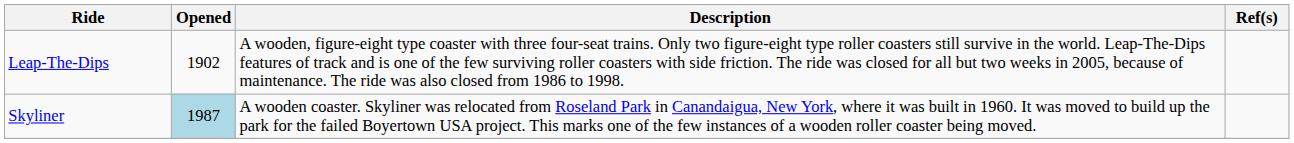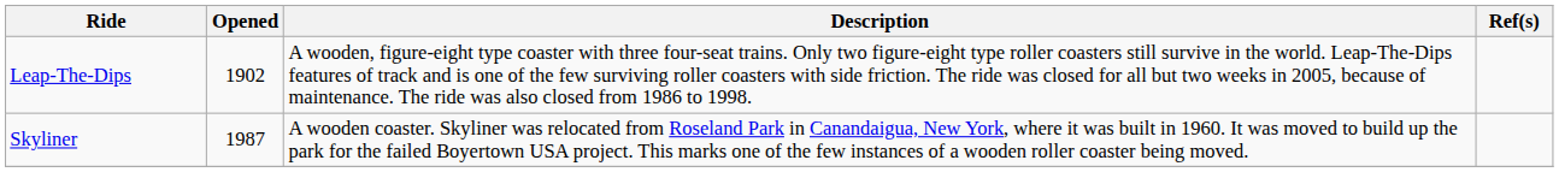 <table class="wikitable">
 <tr>
 <th style="width:13%">Ride</th>
 <th style="width:5%">Opened</th>
 <th>Description</th>
 <th style="width:5%">Ref(s)</th>
 </tr>
 <tr>
 <td><a href='#'>Leap-The-Dips</a></td>
 <td align=center>1902</td>
 <td>A wooden, figure-eight type coaster with three four-seat trains. Only two figure-eight type roller coasters still survive in the world. Leap-The-Dips features  of track and is one of the few surviving roller coasters with side friction. The ride was closed for all but two weeks in 2005, because of maintenance. The ride was also closed from 1986 to 1998.</td>
 <td></td>
 </tr>
 <tr>
 <td><a href='#'>Skyliner</a></td>
-<td align=center style="background: lightblue;">1987</td>
+<td align=center>1987</td>
 <td>A wooden coaster. Skyliner was relocated from <a href='#'>Roseland Park</a> in <a href='#'>Canandaigua, New York</a>, where it was built in 1960. It was moved to build up the park for the failed Boyertown USA project. This marks one of the few instances of a wooden roller coaster being moved.</td>
 <td></td>
 </tr>
 <tr>
 </tr>
 </table>
